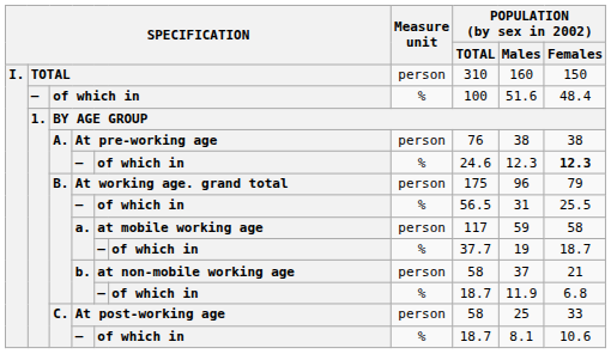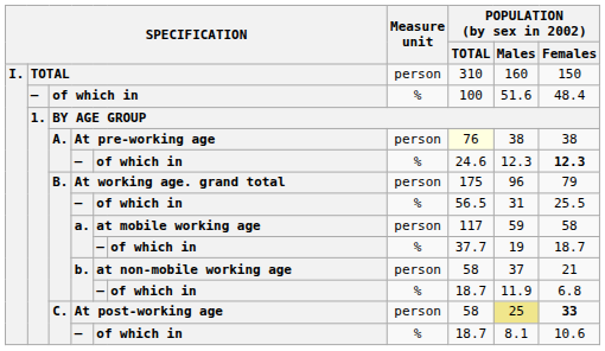 <table class="wikitable" style="font-size:85%; text-align:center">
 <tr>
 <th rowspan="2" colspan="6">SPECIFICATION</th>
 <th rowspan="2">Measure<br> unit</th>
 <th colspan="3" rowspan="1">POPULATION<br> (by sex in 2002)</th>
 </tr>
 <tr>
 <th>TOTAL</th>
 <th>Males</th>
 <th>Females</th>
 </tr>
 <tr>
 <th style="text-align:left" valign="top" rowspan="13">I.</th>
 <th style="text-align:left" colspan="5">TOTAL</th>
 <td>person</td>
 <td>310</td>
 <td>160</td>
 <td>150</td>
 </tr>
 <tr>
 <th style="text-align:left" valign="top">—</th>
 <th style="text-align:left" colspan="4">of which in</th>
 <td>%</td>
 <td>100</td>
 <td>51.6</td>
 <td>48.4</td>
 </tr>
 <tr>
 <th style="text-align:left" valign="top" rowspan="11">1.</th>
 <th style="text-align:left" colspan="19">BY AGE GROUP</th>
 </tr>
 <tr>
 <th style="text-align:left" valign="top" rowspan="2">A.</th>
 <th style="text-align:left" colspan="3">At pre-working age</th>
 <td>person</td>
-<td>76</td>
+<td style="background: lightyellow;">76</td>
 <td>38</td>
 <td>38</td>
 </tr>
 <tr>
 <th style="text-align:left" valign="top">—</th>
 <th style="text-align:left" valign="top" colspan="2">of which in</th>
 <td>%</td>
 <td>24.6</td>
 <td>12.3</td>
 <td><strong>12.3</strong></td>
 </tr>
 <tr>
 <th style="text-align:left" valign="top" rowspan="6">B.</th>
 <th style="text-align:left" colspan="3">At working age. grand total</th>
 <td>person</td>
 <td>175</td>
 <td>96</td>
 <td>79</td>
 </tr>
 <tr>
 <th style="text-align:left" valign="top">—</th>
 <th style="text-align:left" valign="top" colspan="2">of which in</th>
 <td>%</td>
 <td>56.5</td>
 <td>31</td>
 <td>25.5</td>
 </tr>
 <tr>
 <th style="text-align:left" valign="top" rowspan="2">a.</th>
 <th style="text-align:left" colspan="2">at mobile working age</th>
 <td>person</td>
 <td>117</td>
 <td>59</td>
 <td>58</td>
 </tr>
 <tr>
 <th style="text-align:left" valign="top">—</th>
 <th style="text-align:left" valign="top" colspan="1">of which in                        </th>
 <td>%</td>
 <td>37.7</td>
 <td>19</td>
 <td>18.7</td>
 </tr>
 <tr>
 <th style="text-align:left" valign="top" rowspan="2">b.</th>
 <th style="text-align:left" colspan="2">at non-mobile working age</th>
 <td>person</td>
 <td>58</td>
 <td>37</td>
 <td>21</td>
 </tr>
 <tr>
 <th style="text-align:left" valign="top">—</th>
 <th style="text-align:left" valign="top" colspan="1">of which in                        </th>
 <td>%</td>
 <td>18.7</td>
 <td>11.9</td>
 <td>6.8</td>
 </tr>
 <tr>
 <th style="text-align:left" valign="top" rowspan="2">C.</th>
 <th style="text-align:left" colspan="3">At post-working age</th>
 <td>person</td>
 <td>58</td>
-<td>25</td>
-<td>33</td>
+<td style="background: khaki;">25</td>
+<td><strong>33</strong></td>
 </tr>
 <tr>
 <th style="text-align:left" valign="top">—</th>
 <th style="text-align:left" valign="top" colspan="2">of which in</th>
 <td>%</td>
 <td>18.7</td>
 <td>8.1</td>
 <td>10.6</td>
 </tr>
 </table>
